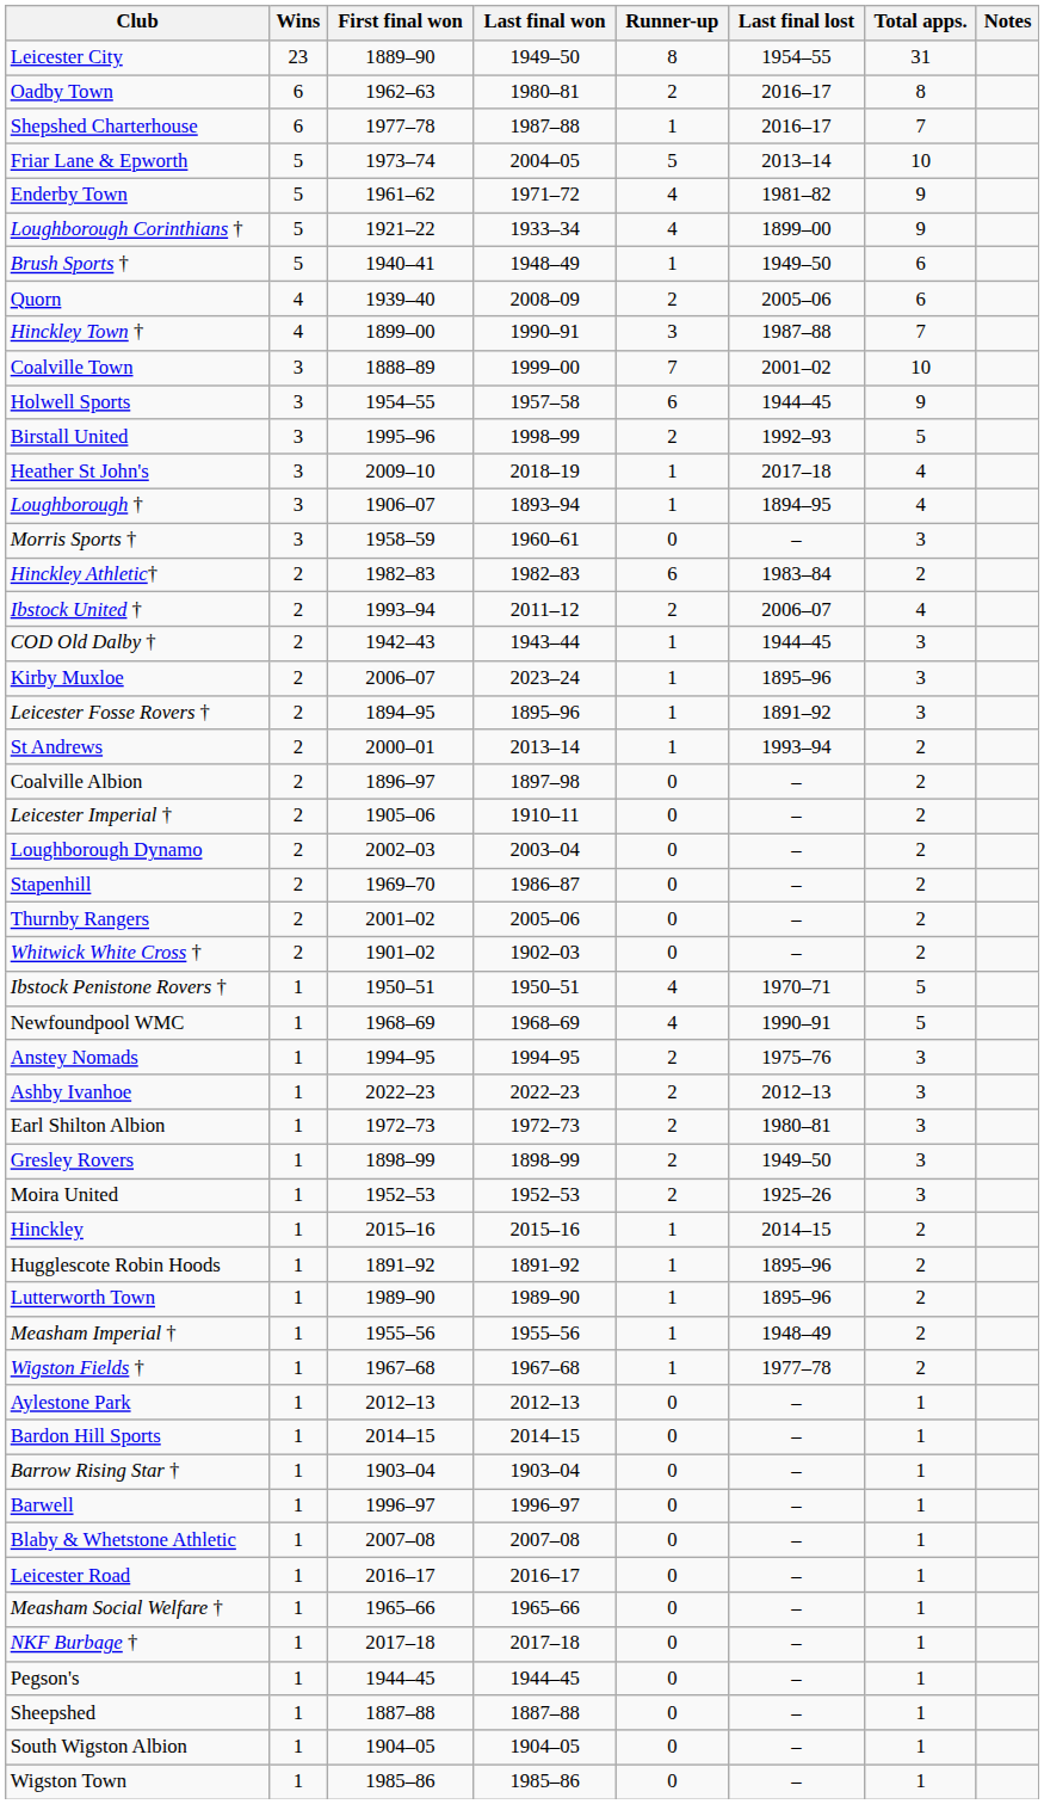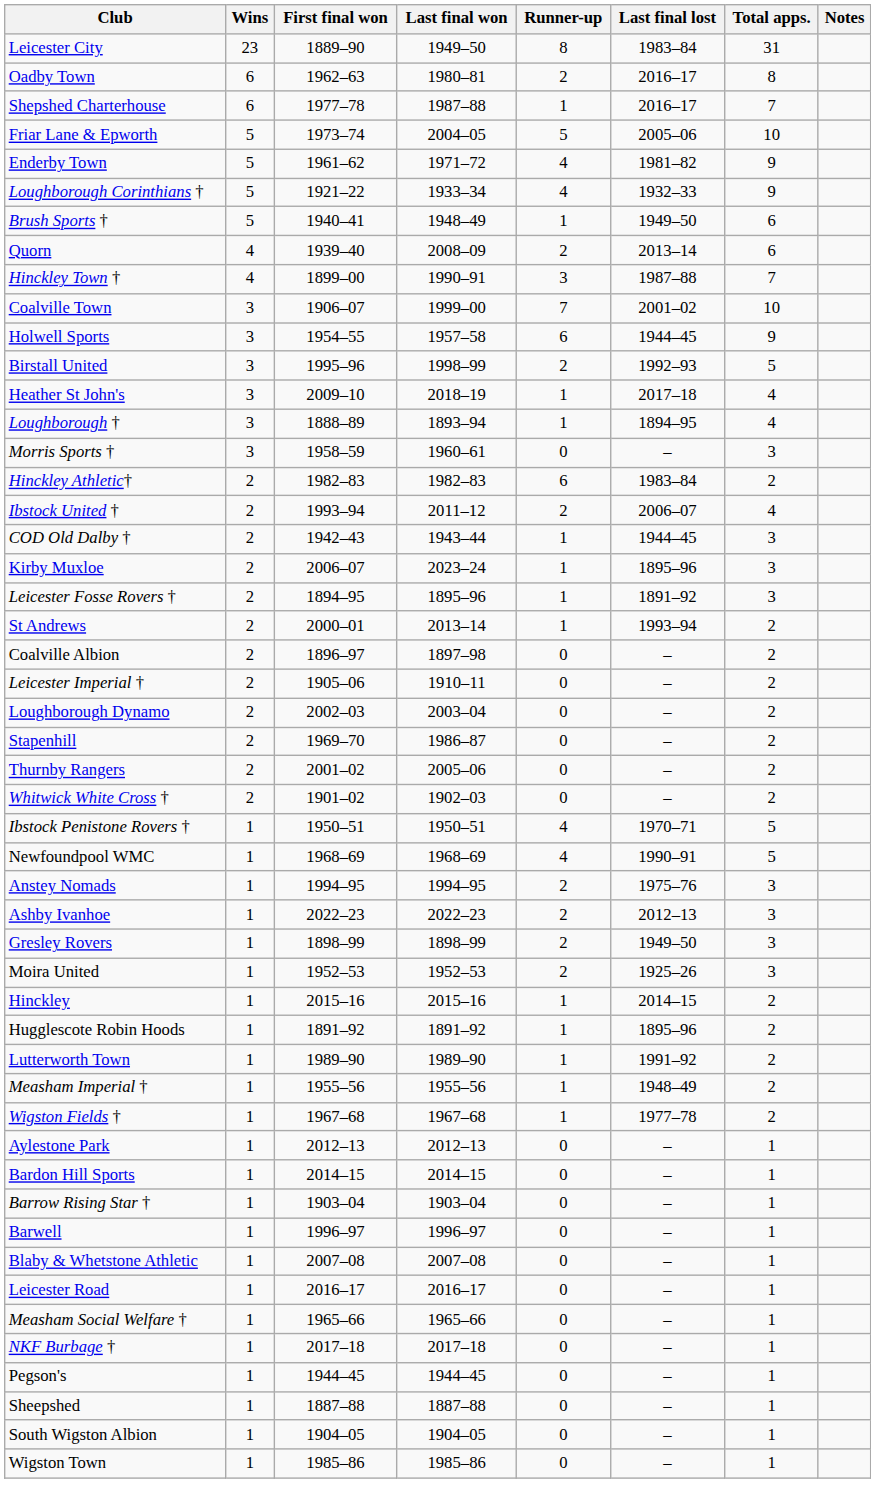 <table class="wikitable sortable" style="text-align: center; width: 100%; font-size: 12px">
 <tr>
 <th>Club</th>
 <th>Wins</th>
 <th>First final won</th>
 <th>Last final won</th>
 <th>Runner-up</th>
 <th>Last final lost</th>
 <th>Total apps.</th>
 <th>Notes</th>
 </tr>
 <tr>
 <td style="text-align: left"><a href='#'>Leicester City</a></td>
 <td>23</td>
 <td>1889–90</td>
 <td>1949–50</td>
 <td>8</td>
-<td>1954–55</td>
+<td>1983–84</td>
 <td>31</td>
 <td></td>
 </tr>
 <tr>
 <td style="text-align: left"><a href='#'>Oadby Town</a></td>
 <td>6</td>
 <td>1962–63</td>
 <td>1980–81</td>
 <td>2</td>
 <td>2016–17</td>
 <td>8</td>
 <td></td>
 </tr>
 <tr>
 <td style="text-align: left"><a href='#'>Shepshed Charterhouse</a></td>
 <td>6</td>
 <td>1977–78</td>
 <td>1987–88</td>
 <td>1</td>
 <td>2016–17</td>
 <td>7</td>
 <td></td>
 </tr>
 <tr>
 <td style="text-align: left"><a href='#'>Friar Lane & Epworth</a></td>
 <td>5</td>
 <td>1973–74</td>
 <td>2004–05</td>
 <td>5</td>
-<td>2013–14</td>
+<td>2005–06</td>
 <td>10</td>
 <td></td>
 </tr>
 <tr>
 <td style="text-align: left"><a href='#'>Enderby Town</a></td>
 <td>5</td>
 <td>1961–62</td>
 <td>1971–72</td>
 <td>4</td>
 <td>1981–82</td>
 <td>9</td>
 <td></td>
 </tr>
 <tr>
 <td style="text-align: left"><em><a href='#'>Loughborough Corinthians</a></em> †</td>
 <td>5</td>
 <td>1921–22</td>
 <td>1933–34</td>
 <td>4</td>
-<td>1899–00</td>
+<td>1932–33</td>
 <td>9</td>
 <td></td>
 </tr>
 <tr>
 <td style="text-align: left"><em><a href='#'>Brush Sports</a></em> †</td>
 <td>5</td>
 <td>1940–41</td>
 <td>1948–49</td>
 <td>1</td>
 <td>1949–50</td>
 <td>6</td>
 <td></td>
 </tr>
 <tr>
 <td style="text-align: left"><a href='#'>Quorn</a></td>
 <td>4</td>
 <td>1939–40</td>
 <td>2008–09</td>
 <td>2</td>
-<td>2005–06</td>
+<td>2013–14</td>
 <td>6</td>
 <td></td>
 </tr>
 <tr>
 <td style="text-align: left"><em><a href='#'>Hinckley Town</a></em> †</td>
 <td>4</td>
 <td>1899–00</td>
 <td>1990–91</td>
 <td>3</td>
 <td>1987–88</td>
 <td>7</td>
 <td></td>
 </tr>
 <tr>
 <td style="text-align: left"><a href='#'>Coalville Town</a></td>
 <td>3</td>
-<td>1888–89</td>
+<td>1906–07</td>
 <td>1999–00</td>
 <td>7</td>
 <td>2001–02</td>
 <td>10</td>
 <td></td>
 </tr>
 <tr>
 <td style="text-align: left"><a href='#'>Holwell Sports</a></td>
 <td>3</td>
 <td>1954–55</td>
 <td>1957–58</td>
 <td>6</td>
 <td>1944–45</td>
 <td>9</td>
 <td></td>
 </tr>
 <tr>
 <td style="text-align: left"><a href='#'>Birstall United</a></td>
 <td>3</td>
 <td>1995–96</td>
 <td>1998–99</td>
 <td>2</td>
 <td>1992–93</td>
 <td>5</td>
 <td></td>
 </tr>
 <tr>
 <td style="text-align: left"><a href='#'>Heather St John's</a></td>
 <td>3</td>
 <td>2009–10</td>
 <td>2018–19</td>
 <td>1</td>
 <td>2017–18</td>
 <td>4</td>
 <td></td>
 </tr>
 <tr>
 <td style="text-align: left"><em><a href='#'>Loughborough</a></em> †</td>
 <td>3</td>
-<td>1906–07</td>
+<td>1888–89</td>
 <td>1893–94</td>
 <td>1</td>
 <td>1894–95</td>
 <td>4</td>
 <td></td>
 </tr>
 <tr>
 <td style="text-align: left"><em>Morris Sports</em> †</td>
 <td>3</td>
 <td>1958–59</td>
 <td>1960–61</td>
 <td>0</td>
 <td>–</td>
 <td>3</td>
 <td></td>
 </tr>
 <tr>
 <td style="text-align: left"><em><a href='#'>Hinckley Athletic</a></em>†</td>
 <td>2</td>
 <td>1982–83</td>
 <td>1982–83</td>
 <td>6</td>
 <td>1983–84</td>
 <td>2</td>
 <td></td>
 </tr>
 <tr>
 <td style="text-align: left"><em><a href='#'>Ibstock United</a></em> †</td>
 <td>2</td>
 <td>1993–94</td>
 <td>2011–12</td>
 <td>2</td>
 <td>2006–07</td>
 <td>4</td>
 <td></td>
 </tr>
 <tr>
 <td style="text-align: left"><em>COD Old Dalby</em> †</td>
 <td>2</td>
 <td>1942–43</td>
 <td>1943–44</td>
 <td>1</td>
 <td>1944–45</td>
 <td>3</td>
 <td></td>
 </tr>
 <tr>
 <td style="text-align: left"><a href='#'>Kirby Muxloe</a></td>
 <td>2</td>
 <td>2006–07</td>
 <td>2023–24</td>
 <td>1</td>
 <td>1895–96</td>
 <td>3</td>
 <td></td>
 </tr>
 <tr>
 <td style="text-align: left"><em>Leicester Fosse Rovers</em> †</td>
 <td>2</td>
 <td>1894–95</td>
 <td>1895–96</td>
 <td>1</td>
 <td>1891–92</td>
 <td>3</td>
 <td></td>
 </tr>
 <tr>
 <td style="text-align: left"><a href='#'>St Andrews</a></td>
 <td>2</td>
 <td>2000–01</td>
 <td>2013–14</td>
 <td>1</td>
 <td>1993–94</td>
 <td>2</td>
 <td></td>
 </tr>
 <tr>
 <td style="text-align: left">Coalville Albion</td>
 <td>2</td>
 <td>1896–97</td>
 <td>1897–98</td>
 <td>0</td>
 <td>–</td>
 <td>2</td>
 <td></td>
 </tr>
 <tr>
 <td style="text-align: left"><em>Leicester Imperial</em> †</td>
 <td>2</td>
 <td>1905–06</td>
 <td>1910–11</td>
 <td>0</td>
 <td>–</td>
 <td>2</td>
 <td></td>
 </tr>
 <tr>
 <td style="text-align: left"><a href='#'>Loughborough Dynamo</a></td>
 <td>2</td>
 <td>2002–03</td>
 <td>2003–04</td>
 <td>0</td>
 <td>–</td>
 <td>2</td>
 <td></td>
 </tr>
 <tr>
 <td style="text-align: left"><a href='#'>Stapenhill</a></td>
 <td>2</td>
 <td>1969–70</td>
 <td>1986–87</td>
 <td>0</td>
 <td>–</td>
 <td>2</td>
 <td></td>
 </tr>
 <tr>
 <td style="text-align: left"><a href='#'>Thurnby Rangers</a></td>
 <td>2</td>
 <td>2001–02</td>
 <td>2005–06</td>
 <td>0</td>
 <td>–</td>
 <td>2</td>
 <td></td>
 </tr>
 <tr>
 <td style="text-align: left"><em><a href='#'>Whitwick White Cross</a></em> †</td>
 <td>2</td>
 <td>1901–02</td>
 <td>1902–03</td>
 <td>0</td>
 <td>–</td>
 <td>2</td>
 <td></td>
 </tr>
 <tr>
 <td style="text-align: left"><em>Ibstock Penistone Rovers</em> †</td>
 <td>1</td>
 <td>1950–51</td>
 <td>1950–51</td>
 <td>4</td>
 <td>1970–71</td>
 <td>5</td>
 <td></td>
 </tr>
 <tr>
 <td style="text-align: left">Newfoundpool WMC</td>
 <td>1</td>
 <td>1968–69</td>
 <td>1968–69</td>
 <td>4</td>
 <td>1990–91</td>
 <td>5</td>
 <td></td>
 </tr>
 <tr>
 <td style="text-align: left"><a href='#'>Anstey Nomads</a></td>
 <td>1</td>
 <td>1994–95</td>
 <td>1994–95</td>
 <td>2</td>
 <td>1975–76</td>
 <td>3</td>
 <td></td>
 </tr>
 <tr>
 <td style="text-align: left"><a href='#'>Ashby Ivanhoe</a></td>
 <td>1</td>
 <td>2022–23</td>
 <td>2022–23</td>
 <td>2</td>
 <td>2012–13</td>
 <td>3</td>
 <td></td>
 </tr>
 <tr>
-<td style="text-align: left">Earl Shilton Albion</td>
-<td>1</td>
-<td>1972–73</td>
-<td>1972–73</td>
-<td>2</td>
-<td>1980–81</td>
-<td>3</td>
-<td></td>
-</tr>
-<tr>
 <td style="text-align: left"><a href='#'>Gresley Rovers</a></td>
 <td>1</td>
 <td>1898–99</td>
 <td>1898–99</td>
 <td>2</td>
 <td>1949–50</td>
 <td>3</td>
 <td></td>
 </tr>
 <tr>
 <td style="text-align: left">Moira United</td>
 <td>1</td>
 <td>1952–53</td>
 <td>1952–53</td>
 <td>2</td>
 <td>1925–26</td>
 <td>3</td>
 <td></td>
 </tr>
 <tr>
 <td style="text-align: left"><a href='#'>Hinckley</a></td>
 <td>1</td>
 <td>2015–16</td>
 <td>2015–16</td>
 <td>1</td>
 <td>2014–15</td>
 <td>2</td>
 <td></td>
 </tr>
 <tr>
 <td style="text-align: left">Hugglescote Robin Hoods</td>
 <td>1</td>
 <td>1891–92</td>
 <td>1891–92</td>
 <td>1</td>
 <td>1895–96</td>
 <td>2</td>
 <td></td>
 </tr>
 <tr>
 <td style="text-align: left"><a href='#'>Lutterworth Town</a></td>
 <td>1</td>
 <td>1989–90</td>
 <td>1989–90</td>
 <td>1</td>
-<td>1895–96</td>
+<td>1991–92</td>
 <td>2</td>
 <td></td>
 </tr>
 <tr>
 <td style="text-align: left"><em>Measham Imperial</em> †</td>
 <td>1</td>
 <td>1955–56</td>
 <td>1955–56</td>
 <td>1</td>
 <td>1948–49</td>
 <td>2</td>
 <td></td>
 </tr>
 <tr>
 <td style="text-align: left"><em><a href='#'>Wigston Fields</a></em> †</td>
 <td>1</td>
 <td>1967–68</td>
 <td>1967–68</td>
 <td>1</td>
 <td>1977–78</td>
 <td>2</td>
 <td></td>
 </tr>
 <tr>
 <td style="text-align: left"><a href='#'>Aylestone Park</a></td>
 <td>1</td>
 <td>2012–13</td>
 <td>2012–13</td>
 <td>0</td>
 <td>–</td>
 <td>1</td>
 <td></td>
 </tr>
 <tr>
 <td style="text-align: left"><a href='#'>Bardon Hill Sports</a></td>
 <td>1</td>
 <td>2014–15</td>
 <td>2014–15</td>
 <td>0</td>
 <td>–</td>
 <td>1</td>
 <td></td>
 </tr>
 <tr>
 <td style="text-align: left"><em>Barrow Rising Star</em> †</td>
 <td>1</td>
 <td>1903–04</td>
 <td>1903–04</td>
 <td>0</td>
 <td>–</td>
 <td>1</td>
 <td></td>
 </tr>
 <tr>
 <td style="text-align: left"><a href='#'>Barwell</a></td>
 <td>1</td>
 <td>1996–97</td>
 <td>1996–97</td>
 <td>0</td>
 <td>–</td>
 <td>1</td>
 <td></td>
 </tr>
 <tr>
 <td style="text-align: left"><a href='#'>Blaby & Whetstone Athletic</a></td>
 <td>1</td>
 <td>2007–08</td>
 <td>2007–08</td>
 <td>0</td>
 <td>–</td>
 <td>1</td>
 <td></td>
 </tr>
 <tr>
 <td style="text-align: left"><a href='#'>Leicester Road</a></td>
 <td>1</td>
 <td>2016–17</td>
 <td>2016–17</td>
 <td>0</td>
 <td>–</td>
 <td>1</td>
 <td></td>
 </tr>
 <tr>
 <td style="text-align: left"><em>Measham Social Welfare</em> †</td>
 <td>1</td>
 <td>1965–66</td>
 <td>1965–66</td>
 <td>0</td>
 <td>–</td>
 <td>1</td>
 <td></td>
 </tr>
 <tr>
 <td style="text-align: left"><em><a href='#'>NKF Burbage</a></em> †</td>
 <td>1</td>
 <td>2017–18</td>
 <td>2017–18</td>
 <td>0</td>
 <td>–</td>
 <td>1</td>
 <td></td>
 </tr>
 <tr>
 <td style="text-align: left">Pegson's</td>
 <td>1</td>
 <td>1944–45</td>
 <td>1944–45</td>
 <td>0</td>
 <td>–</td>
 <td>1</td>
 <td></td>
 </tr>
 <tr>
 <td style="text-align: left">Sheepshed</td>
 <td>1</td>
 <td>1887–88</td>
 <td>1887–88</td>
 <td>0</td>
 <td>–</td>
 <td>1</td>
 <td></td>
 </tr>
 <tr>
 <td style="text-align: left">South Wigston Albion</td>
 <td>1</td>
 <td>1904–05</td>
 <td>1904–05</td>
 <td>0</td>
 <td>–</td>
 <td>1</td>
 <td></td>
 </tr>
 <tr>
 <td style="text-align: left">Wigston Town</td>
 <td>1</td>
 <td>1985–86</td>
 <td>1985–86</td>
 <td>0</td>
 <td>–</td>
 <td>1</td>
 <td></td>
 </tr>
 </table>
